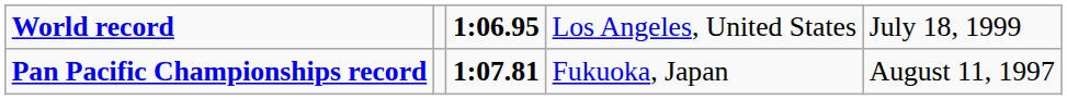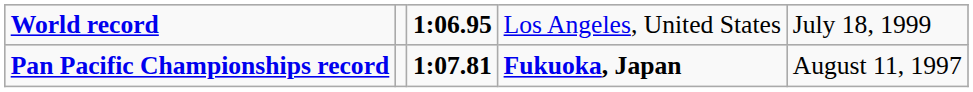 <table class="wikitable">
 <tr>
 <td><strong><a href='#'>World record</a></strong></td>
 <td></td>
 <td><strong>1:06.95</strong></td>
 <td><a href='#'>Los Angeles</a>, United States</td>
 <td>July 18, 1999</td>
 </tr>
 <tr>
 <td><strong><a href='#'>Pan Pacific Championships record</a></strong></td>
 <td></td>
 <td><strong>1:07.81</strong></td>
-<td><a href='#'>Fukuoka</a>, Japan</td>
+<td><strong><a href='#'>Fukuoka</a>, Japan</strong></td>
 <td>August 11, 1997</td>
 </tr>
 </table>
